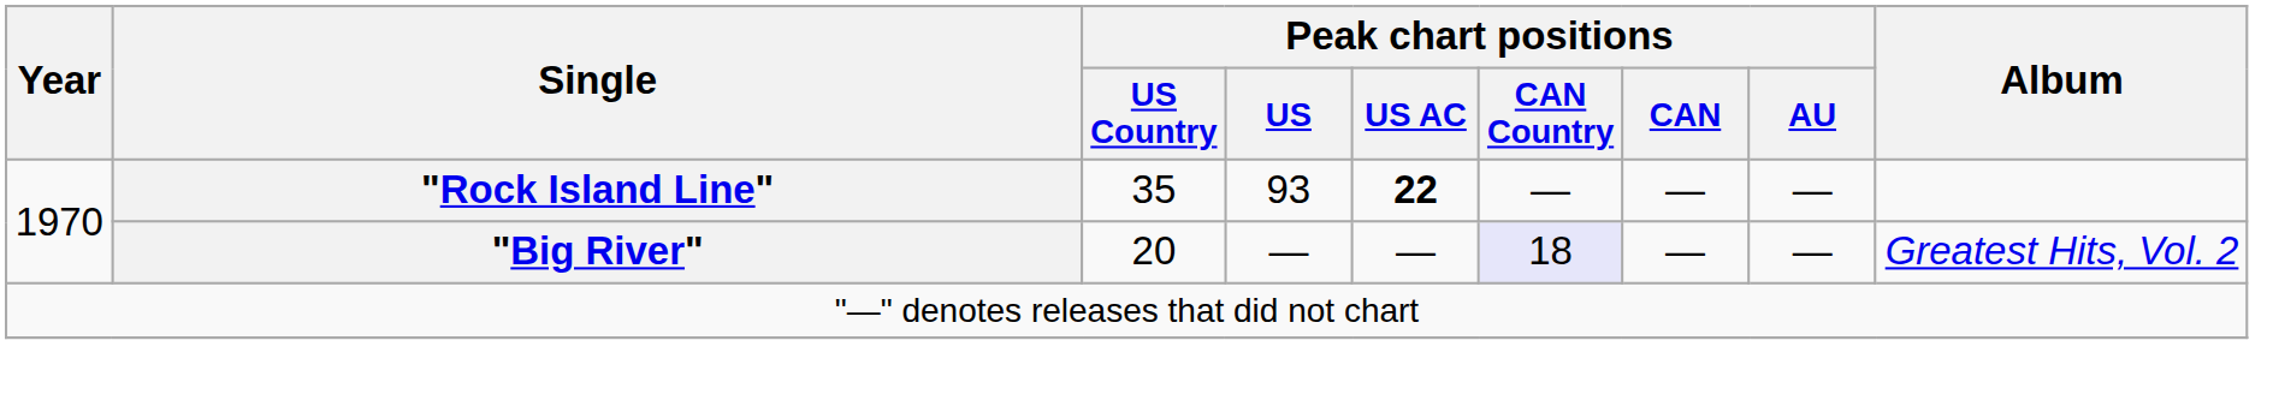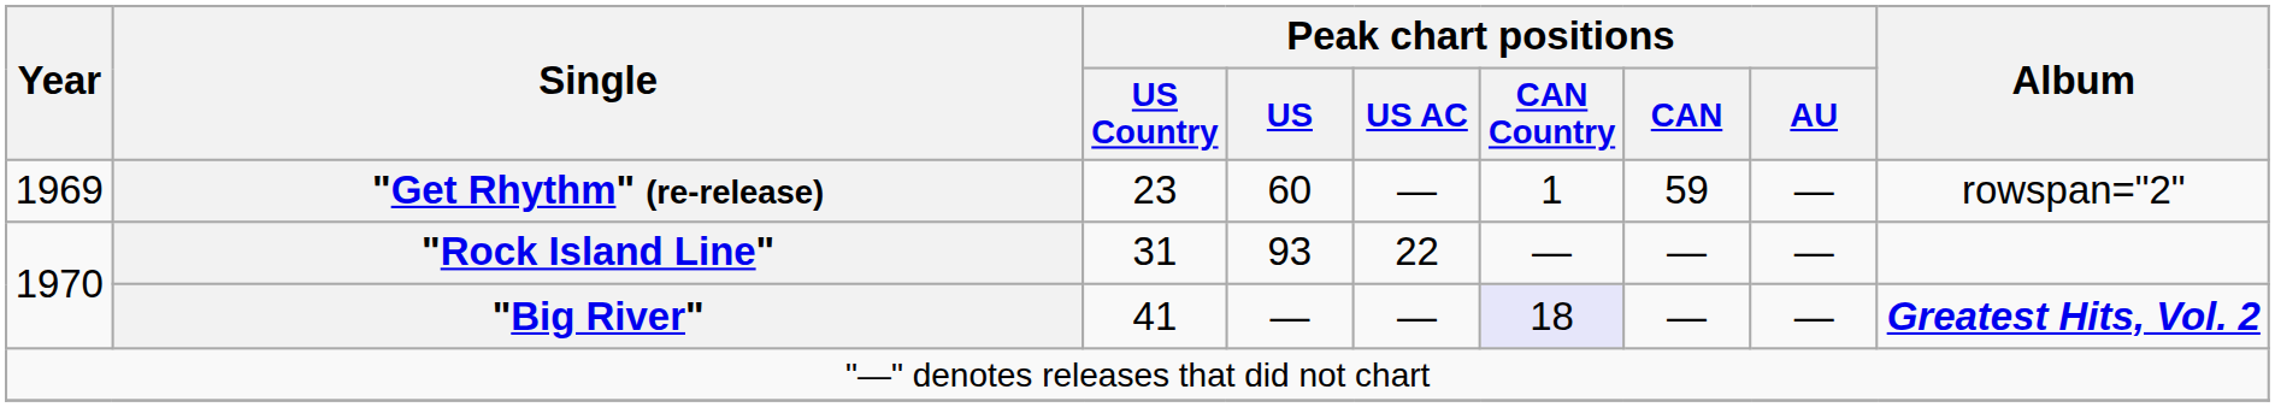 <table class="wikitable plainrowheaders" style="text-align:center;">
 <tr>
 <th rowspan="2">Year</th>
 <th rowspan="2" style="width:24em;">Single</th>
 <th colspan="6">Peak chart positions</th>
 <th rowspan="2">Album</th>
 </tr>
 <tr style="font-size:smaller;">
 <th width="45"><a href='#'>US Country</a><br></th>
 <th width="45"><a href='#'>US</a><br></th>
 <th width="45"><a href='#'>US AC</a></th>
 <th width="45"><a href='#'>CAN Country</a></th>
 <th width="45"><a href='#'>CAN</a></th>
 <th width="45"><a href='#'>AU</a></th>
 </tr>
 <tr>
+<td>1969</td>
+<th scope="row">"<a href='#'>Get Rhythm</a>" <small>(re-release)</small></th>
+<td>23</td>
+<td>60</td>
+<td>—</td>
+<td>1</td>
+<td>59</td>
+<td>—</td>
+<td>rowspan="2" </td>
+</tr>
+<tr>
 <td rowspan="2">1970</td>
 <th scope="row">"<a href='#'>Rock Island Line</a>"</th>
-<td>35</td>
+<td>31</td>
 <td>93</td>
-<td><strong>22</strong></td>
+<td>22</td>
 <td>—</td>
 <td>—</td>
 <td>—</td>
 </tr>
 <tr>
 <th scope="row">"<a href='#'>Big River</a>"</th>
-<td>20</td>
+<td>41</td>
 <td>—</td>
 <td>—</td>
 <td style="background: lavender;">18</td>
 <td>—</td>
 <td>—</td>
-<td align="left"><em><a href='#'>Greatest Hits, Vol. 2</a></em></td>
+<td align="left"><strong><em><a href='#'>Greatest Hits, Vol. 2</a></em></strong></td>
 </tr>
 <tr>
 <td colspan="9" style="font-size:85%">"—" denotes releases that did not chart</td>
 </tr>
 <tr>
 </tr>
 </table>
